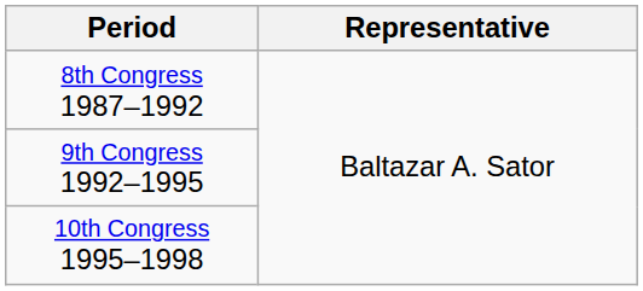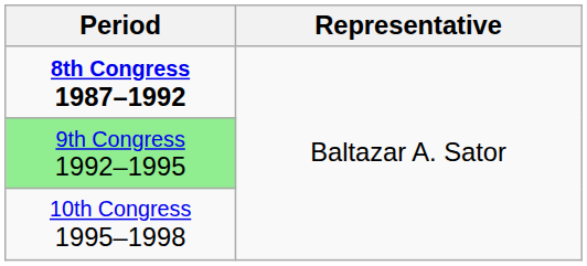 <table class="wikitable" style="text-align:center; width:40%;">
 <tr>
 <th width="40%">Period</th>
 <th>Representative</th>
 </tr>
 <tr>
-<td><small><a href='#'>8th Congress</a></small><br>1987–1992</td>
+<td><strong><small><a href='#'>8th Congress</a></small><br>1987–1992</strong></td>
 <td rowspan="3">Baltazar A. Sator</td>
 </tr>
 <tr>
-<td><small><a href='#'>9th Congress</a></small><br>1992–1995</td>
+<td style="background: lightgreen;"><small><a href='#'>9th Congress</a></small><br>1992–1995</td>
 </tr>
 <tr>
 <td><small><a href='#'>10th Congress</a></small><br>1995–1998</td>
 </tr>
 </table>
